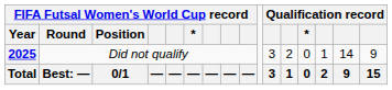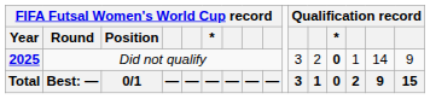 <table class="wikitable" style="text-align: center;">
 <tr>
 <th colspan="9"><a href='#'>FIFA Futsal Women's World Cup</a> record</th>
 <td rowspan=13></td>
 <th colspan=6>Qualification record</th>
 </tr>
 <tr>
 <th>Year</th>
 <th>Round</th>
 <th>Position</th>
 <th></th>
 <th></th>
 <th>*</th>
 <th></th>
 <th></th>
 <th></th>
 <th></th>
 <th></th>
 <th>*</th>
 <th></th>
 <th></th>
 <th></th>
 </tr>
 <tr>
 <th> <a href='#'>2025</a></th>
 <td colspan="8"><em>Did not qualify</em></td>
 <td>3</td>
 <td>2</td>
-<td>0</td>
+<td><strong>0</strong></td>
 <td>1</td>
 <td>14</td>
 <td>9</td>
 </tr>
 <tr>
 <th>Total</th>
 <th>Best: —</th>
 <th>0/1</th>
 <th>—</th>
 <th>—</th>
 <th>—</th>
 <th>—</th>
 <th>—</th>
 <th>—</th>
 <th>3</th>
 <th>1</th>
 <th>0</th>
 <th>2</th>
 <th>9</th>
 <th>15</th>
 </tr>
 </table>
